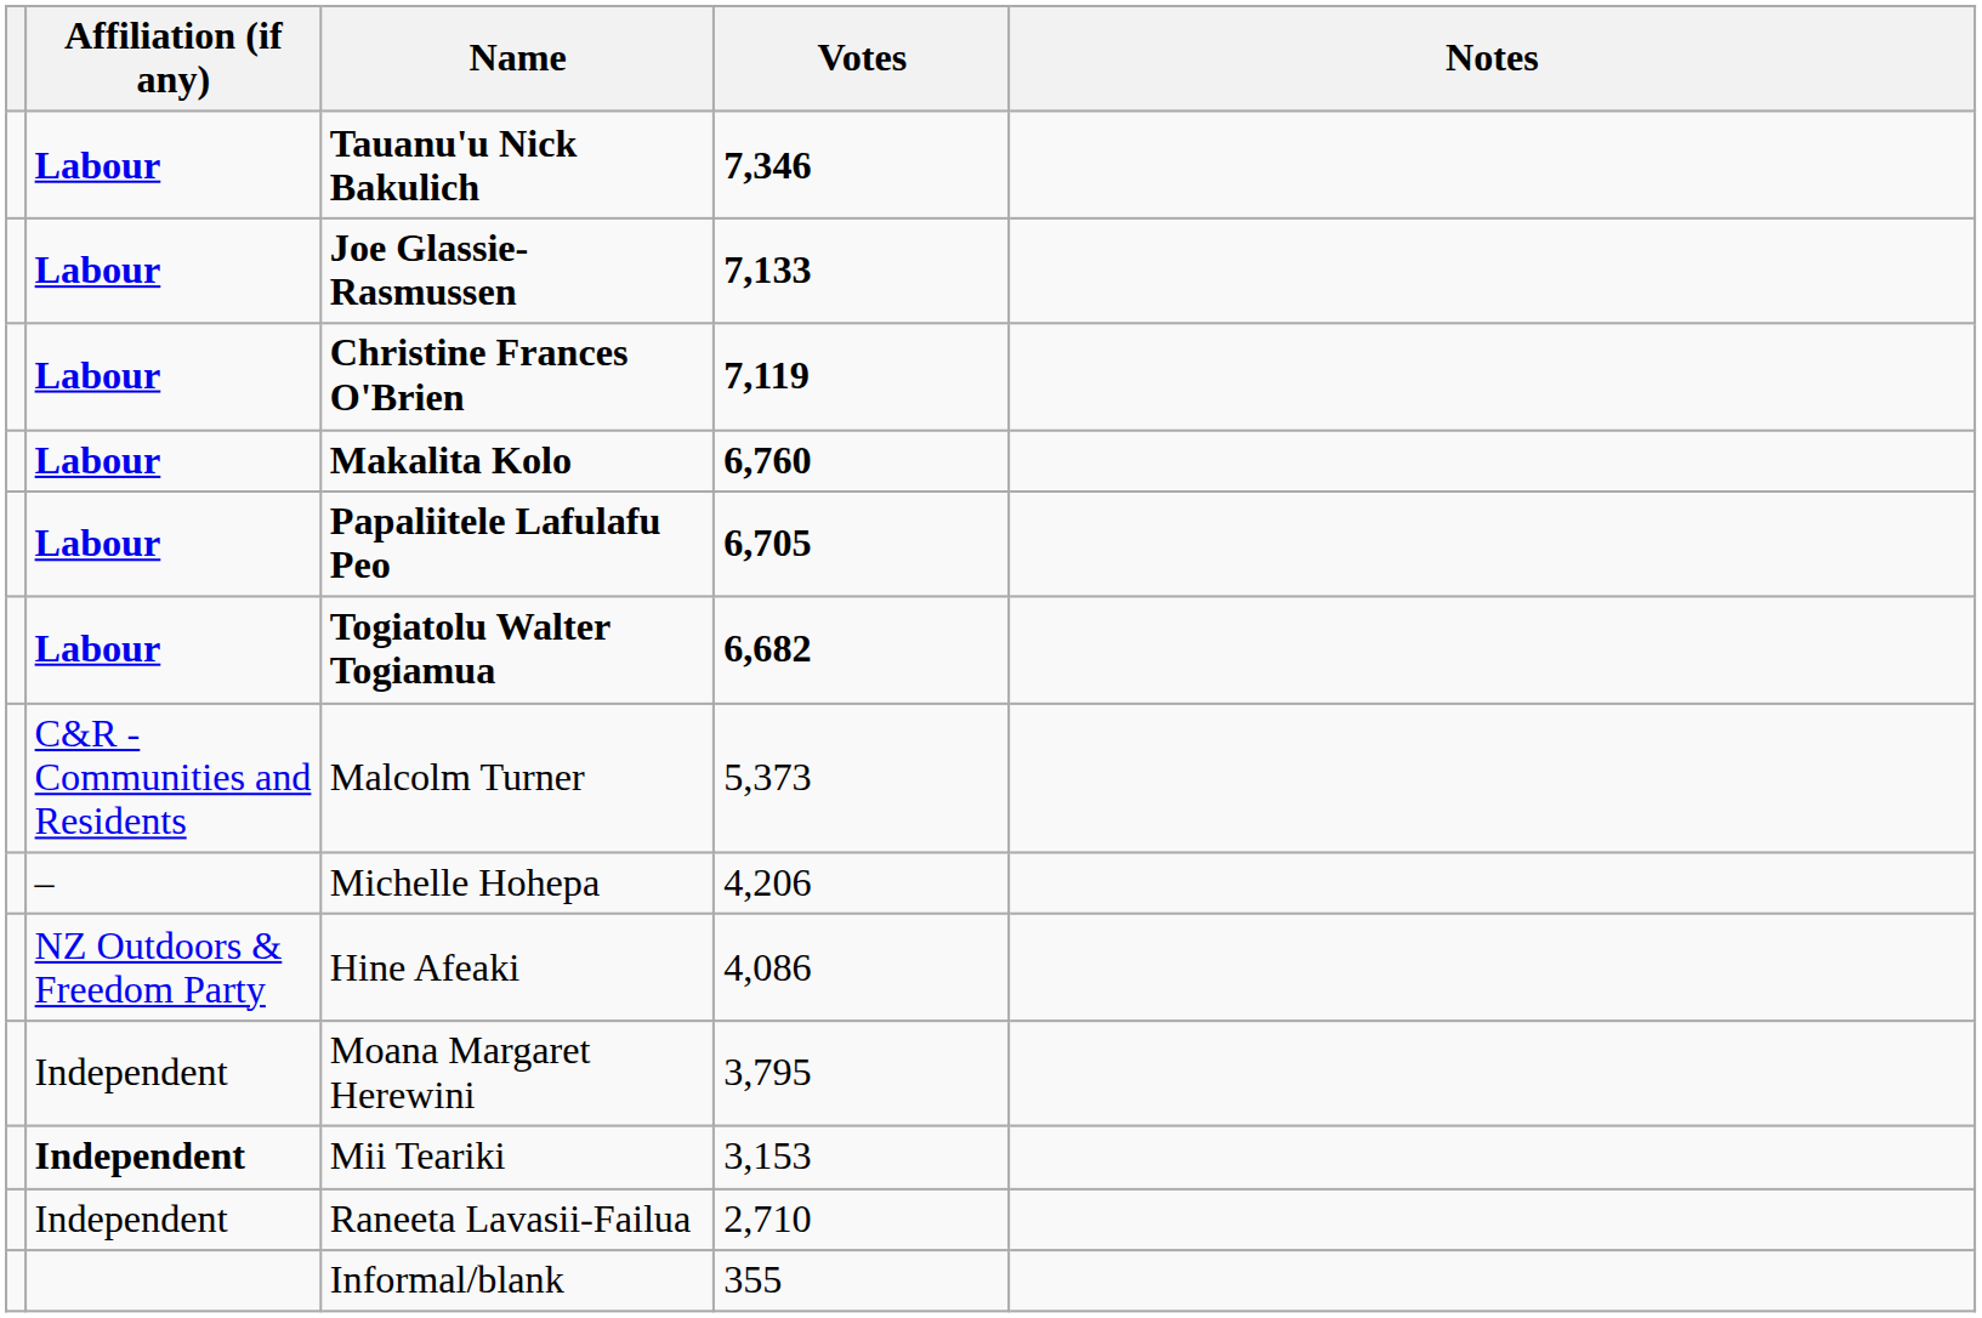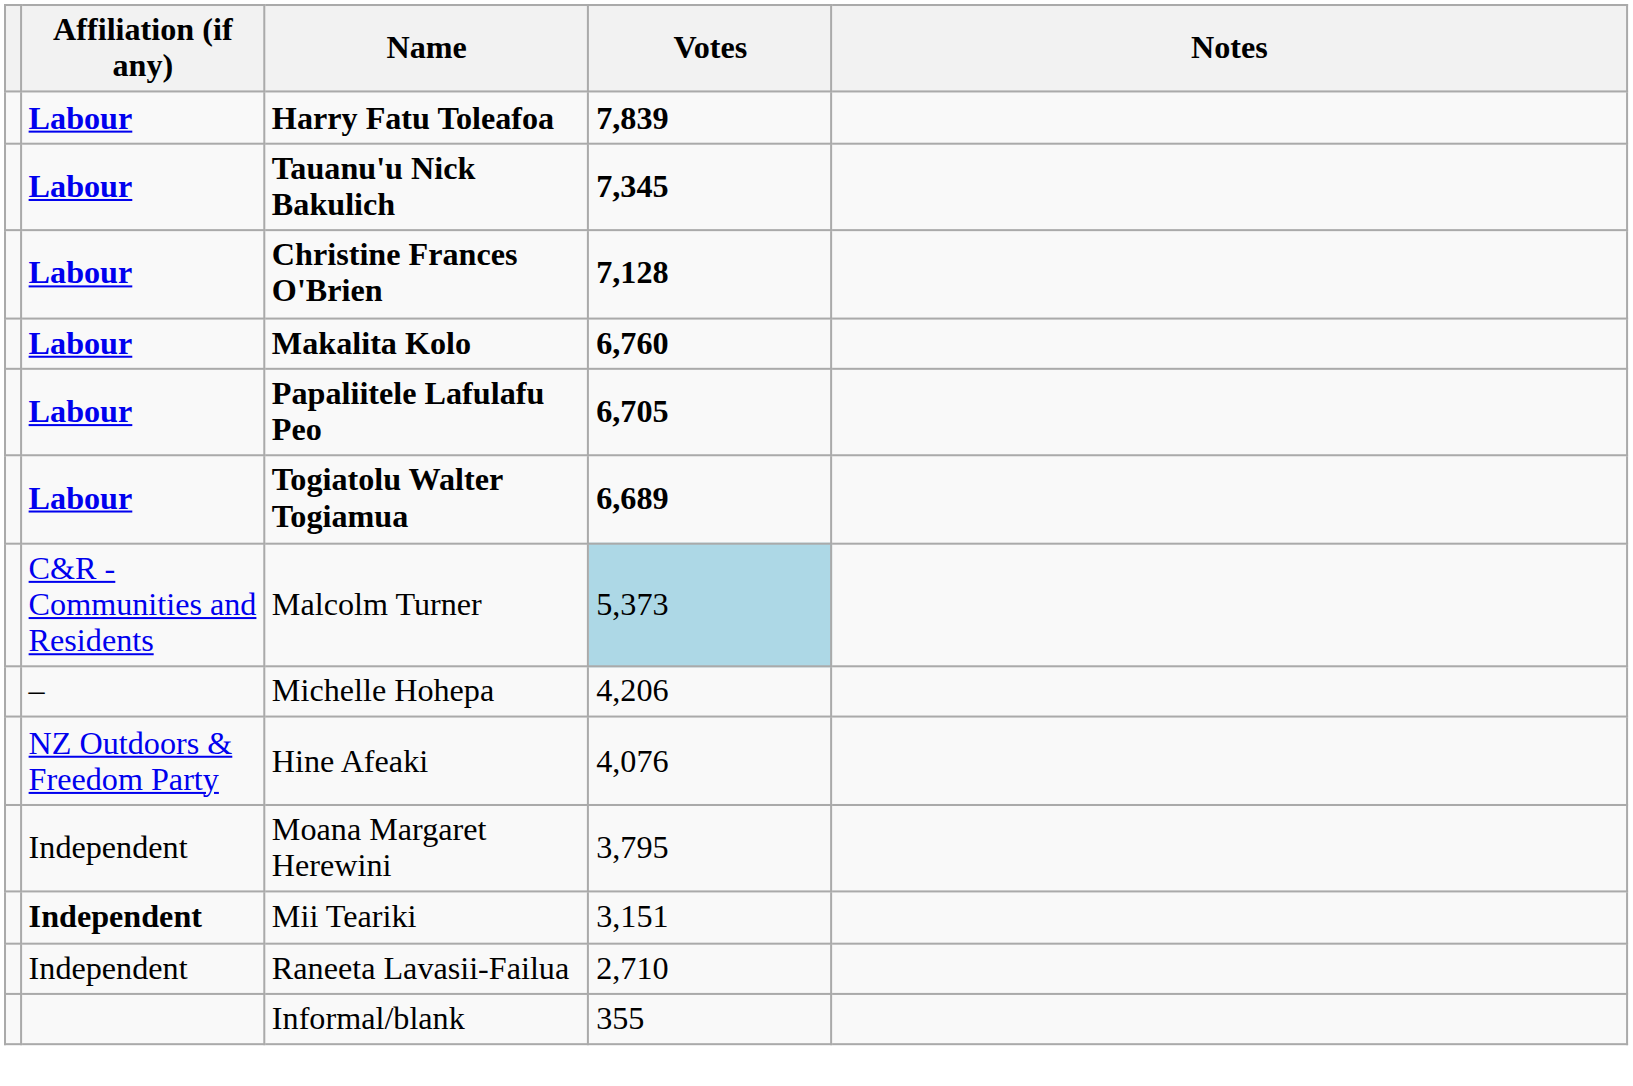 <table class="wikitable" style="width:51%;">
 <tr>
 <th style="width:1%;"></th>
 <th style="width:15%;">Affiliation (if any)</th>
 <th style="width:20%;">Name</th>
 <th style="width:15%;">Votes</th>
 <th>Notes</th>
 </tr>
 <tr>
 <td bgcolor=></td>
 <td><strong><a href='#'>Labour</a> </strong></td>
-<td><strong>Tauanu'u Nick Bakulich</strong></td>
-<td><strong>7,346</strong></td>
+<td><strong>Harry Fatu Toleafoa</strong></td>
+<td><strong>7,839</strong></td>
 <td></td>
 </tr>
 <tr>
-<td></td>
-<td><strong><a href='#'>Labour</a>  </strong></td>
-<td><strong>Joe Glassie-Rasmussen</strong></td>
-<td><strong>7,133</strong></td>
+<td bgcolor=></td>
+<td><strong><a href='#'>Labour</a> </strong></td>
+<td><strong>Tauanu'u Nick Bakulich</strong></td>
+<td><strong>7,345</strong></td>
 <td></td>
 </tr>
 <tr>
 <td></td>
 <td><strong><a href='#'>Labour</a> </strong></td>
 <td><strong>Christine Frances O'Brien</strong></td>
-<td><strong>7,119</strong></td>
+<td><strong>7,128</strong></td>
 <td></td>
 </tr>
 <tr>
 <td bgcolor=></td>
 <td><strong><a href='#'>Labour</a> </strong></td>
 <td><strong>Makalita Kolo</strong></td>
 <td><strong>6,760</strong></td>
 <td></td>
 </tr>
 <tr>
 <td bgcolor=></td>
 <td><strong><a href='#'>Labour</a> </strong></td>
 <td><strong>Papaliitele Lafulafu Peo</strong></td>
 <td><strong>6,705</strong></td>
 <td></td>
 </tr>
 <tr>
 <td bgcolor=></td>
 <td><strong><a href='#'>Labour</a> </strong></td>
 <td><strong>Togiatolu Walter Togiamua</strong></td>
-<td><strong>6,682</strong></td>
+<td><strong>6,689</strong></td>
 <td></td>
 </tr>
 <tr>
 <td bgcolor=></td>
 <td><a href='#'>C&R - Communities and Residents</a></td>
 <td>Malcolm Turner</td>
-<td>5,373</td>
+<td style="background: lightblue;">5,373</td>
 <td></td>
 </tr>
 <tr>
 <td bgcolor=></td>
 <td>–</td>
 <td>Michelle Hohepa</td>
 <td>4,206</td>
 <td></td>
 </tr>
 <tr>
 <td bgcolor=></td>
 <td><a href='#'>NZ Outdoors & Freedom Party</a></td>
 <td>Hine Afeaki</td>
-<td>4,086</td>
+<td>4,076</td>
 <td></td>
 </tr>
 <tr>
 <td bgcolor=></td>
 <td>Independent</td>
 <td>Moana Margaret Herewini</td>
 <td>3,795</td>
 <td></td>
 </tr>
 <tr>
 <td bgcolor=></td>
 <td><strong>Independent</strong></td>
 <td>Mii Teariki</td>
-<td>3,153</td>
+<td>3,151</td>
 <td></td>
 </tr>
 <tr>
 <td bgcolor=></td>
 <td>Independent</td>
 <td>Raneeta Lavasii-Failua</td>
 <td>2,710</td>
 <td></td>
 </tr>
 <tr>
 <td></td>
 <td></td>
 <td>Informal/blank</td>
 <td>355</td>
 <td></td>
 </tr>
 </table>
